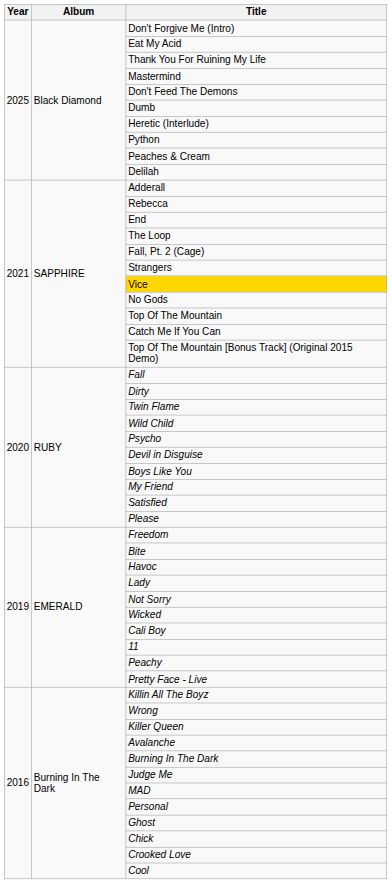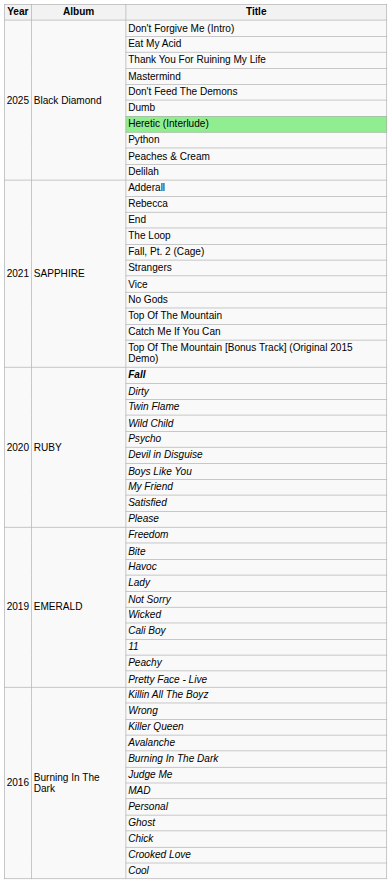 <table class="wikitable sortable">
 <tr>
 <th>Year</th>
 <th>Album</th>
 <th>Title</th>
 </tr>
 <tr>
 <td rowspan="10">2025</td>
 <td rowspan="10">Black Diamond</td>
 <td>Don't Forgive Me (Intro)</td>
 </tr>
 <tr>
 <td>Eat My Acid</td>
 </tr>
 <tr>
 <td>Thank You For Ruining My Life</td>
 </tr>
 <tr>
 <td>Mastermind</td>
 </tr>
 <tr>
 <td>Don't Feed The Demons</td>
 </tr>
 <tr>
 <td>Dumb</td>
 </tr>
 <tr>
-<td>Heretic (Interlude)</td>
+<td style="background: lightgreen;">Heretic (Interlude)</td>
 </tr>
 <tr>
 <td>Python</td>
 </tr>
 <tr>
 <td>Peaches & Cream</td>
 </tr>
 <tr>
 <td>Delilah</td>
 </tr>
 <tr>
 <td rowspan="11">2021</td>
 <td rowspan="11">SAPPHIRE</td>
 <td>Adderall</td>
 </tr>
 <tr>
 <td>Rebecca</td>
 </tr>
 <tr>
 <td>End</td>
 </tr>
 <tr>
 <td>The Loop</td>
 </tr>
 <tr>
 <td>Fall, Pt. 2 (Cage)</td>
 </tr>
 <tr>
 <td>Strangers</td>
 </tr>
 <tr>
-<td style="background: gold;">Vice</td>
+<td>Vice</td>
 </tr>
 <tr>
 <td>No Gods</td>
 </tr>
 <tr>
 <td>Top Of The Mountain</td>
 </tr>
 <tr>
 <td>Catch Me If You Can</td>
 </tr>
 <tr>
 <td>Top Of The Mountain [Bonus Track] (Original 2015 Demo)</td>
 </tr>
 <tr>
 <td rowspan="10">2020</td>
 <td rowspan="10">RUBY </td>
-<td><em>Fall</em></td>
+<td><strong><em>Fall</em></strong></td>
 </tr>
 <tr>
 <td><em>Dirty</em></td>
 </tr>
 <tr>
 <td><em>Twin Flame</em></td>
 </tr>
 <tr>
 <td><em>Wild Child</em></td>
 </tr>
 <tr>
 <td><em>Psycho</em></td>
 </tr>
 <tr>
 <td><em>Devil in Disguise</em></td>
 </tr>
 <tr>
 <td><em>Boys Like You</em></td>
 </tr>
 <tr>
 <td><em>My Friend</em></td>
 </tr>
 <tr>
 <td><em>Satisfied</em></td>
 </tr>
 <tr>
 <td><em>Please</em></td>
 </tr>
 <tr>
 <td rowspan="10">2019</td>
 <td rowspan="10">EMERALD </td>
 <td><em>Freedom</em></td>
 </tr>
 <tr>
 <td><em>Bite</em></td>
 </tr>
 <tr>
 <td><em>Havoc</em></td>
 </tr>
 <tr>
 <td><em>Lady</em></td>
 </tr>
 <tr>
 <td><em>Not Sorry</em></td>
 </tr>
 <tr>
 <td><em>Wicked</em></td>
 </tr>
 <tr>
 <td><em>Cali Boy</em></td>
 </tr>
 <tr>
 <td><em>11</em></td>
 </tr>
 <tr>
 <td><em>Peachy</em></td>
 </tr>
 <tr>
 <td><em>Pretty Face - Live</em></td>
 </tr>
 <tr>
 <td rowspan="12">2016</td>
 <td rowspan="12">Burning In The Dark </td>
 <td><em>Killin All The Boyz</em></td>
 </tr>
 <tr>
 <td><em>Wrong</em></td>
 </tr>
 <tr>
 <td><em>Killer Queen</em></td>
 </tr>
 <tr>
 <td><em>Avalanche</em></td>
 </tr>
 <tr>
 <td><em>Burning In The Dark</em></td>
 </tr>
 <tr>
 <td><em>Judge Me</em></td>
 </tr>
 <tr>
 <td><em>MAD</em></td>
 </tr>
 <tr>
 <td><em>Personal</em></td>
 </tr>
 <tr>
 <td><em>Ghost</em></td>
 </tr>
 <tr>
 <td><em>Chick</em></td>
 </tr>
 <tr>
 <td><em>Crooked Love</em></td>
 </tr>
 <tr>
 <td><em>Cool</em></td>
 </tr>
 </table>
